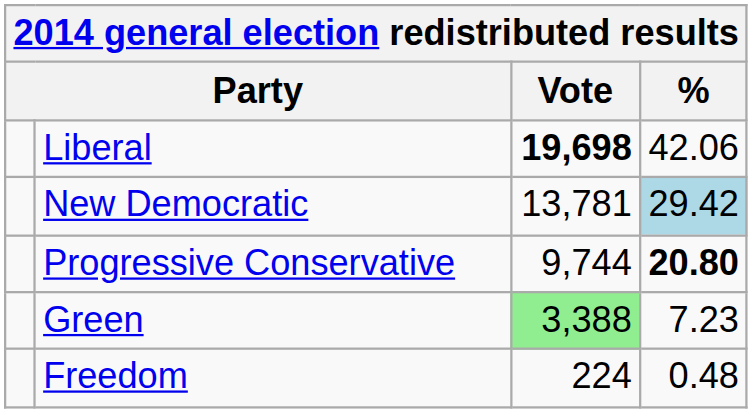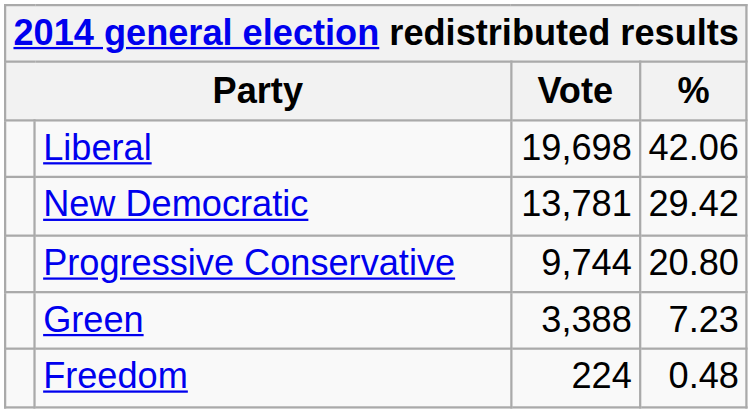 <table class="wikitable">
 <tr>
 <th colspan="4"><a href='#'>2014 general election</a> redistributed results</th>
 </tr>
 <tr>
 <th bgcolor="#DDDDFF" width="130px" colspan="2">Party</th>
 <th bgcolor="#DDDDFF" width="50px">Vote</th>
 <th bgcolor="#DDDDFF" width="30px">%</th>
 </tr>
 <tr>
 <td> </td>
 <td><a href='#'>Liberal</a></td>
-<td align=right><strong>19,698</strong></td>
+<td align=right>19,698</td>
 <td align=right>42.06</td>
 </tr>
 <tr>
 <td> </td>
 <td><a href='#'>New Democratic</a></td>
 <td align=right>13,781</td>
-<td align=right style="background: lightblue;">29.42</td>
+<td align=right>29.42</td>
 </tr>
 <tr>
 <td> </td>
 <td><a href='#'>Progressive Conservative</a></td>
 <td align=right>9,744</td>
-<td align=right><strong>20.80</strong></td>
+<td align=right>20.80</td>
 </tr>
 <tr>
 <td> </td>
 <td><a href='#'>Green</a></td>
-<td align=right style="background: lightgreen;">3,388</td>
+<td align=right>3,388</td>
 <td align=right>7.23</td>
 </tr>
 <tr>
 <td> </td>
 <td><a href='#'>Freedom</a></td>
 <td align=right>224</td>
 <td align=right>0.48</td>
 </tr>
 </table>
